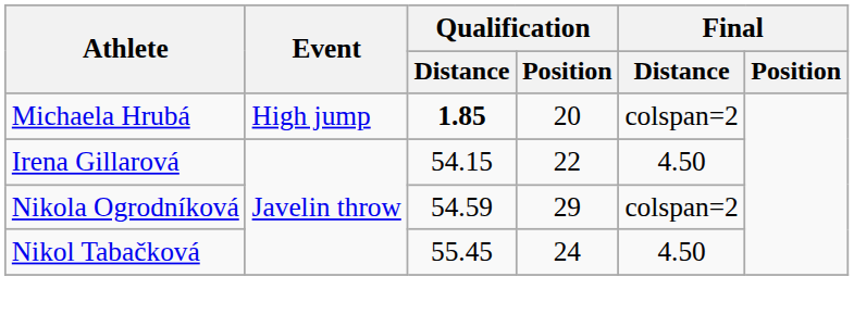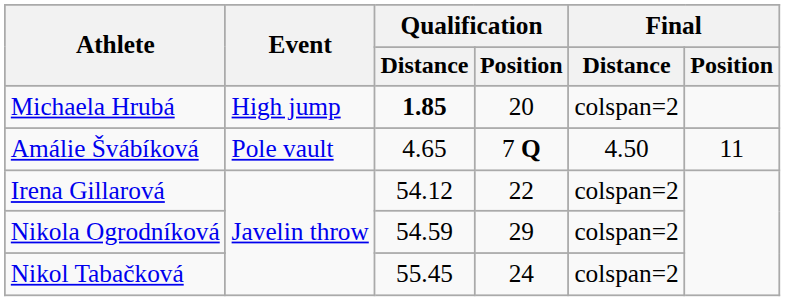 <table class=wikitable style=font-size:90%>
 <tr>
 <th rowspan=2>Athlete</th>
 <th rowspan=2>Event</th>
 <th colspan=2>Qualification</th>
 <th colspan=2>Final</th>
 </tr>
 <tr style=font-size:95%>
 <th>Distance</th>
 <th>Position</th>
 <th>Distance</th>
 <th>Position</th>
 </tr>
 <tr align=center>
 <td align=left><a href='#'>Michaela Hrubá</a></td>
 <td align=left><a href='#'>High jump</a></td>
 <td><strong>1.85</strong></td>
 <td>20</td>
 <td>colspan=2 </td>
 </tr>
 <tr align=center>
+<td align=left><a href='#'>Amálie Švábíková</a></td>
+<td align=left><a href='#'>Pole vault</a></td>
+<td>4.65</td>
+<td>7 <strong>Q</strong></td>
+<td>4.50</td>
+<td>11</td>
+</tr>
+<tr align=center>
 <td align=left><a href='#'>Irena Gillarová</a></td>
 <td align=left rowspan=3><a href='#'>Javelin throw</a></td>
-<td>54.15</td>
+<td>54.12</td>
 <td>22</td>
-<td>4.50</td>
+<td>colspan=2 </td>
 </tr>
 <tr align=center>
 <td align=left><a href='#'>Nikola Ogrodníková</a></td>
 <td>54.59</td>
 <td>29</td>
 <td>colspan=2 </td>
 </tr>
 <tr align=center>
 <td align=left><a href='#'>Nikol Tabačková</a></td>
 <td>55.45</td>
 <td>24</td>
-<td>4.50</td>
+<td>colspan=2 </td>
 </tr>
 </table>
